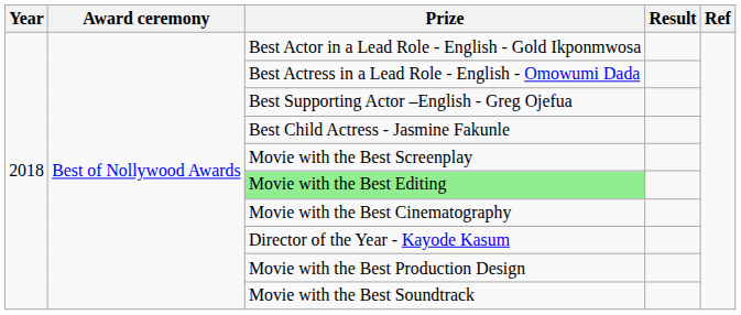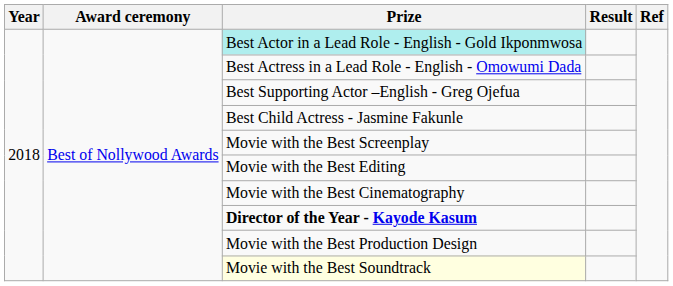 <table class="wikitable">
 <tr>
 <th>Year</th>
 <th>Award ceremony</th>
 <th>Prize</th>
 <th>Result</th>
 <th>Ref</th>
 </tr>
 <tr>
 <td rowspan="10">2018</td>
 <td rowspan="10"><a href='#'>Best of Nollywood Awards</a></td>
-<td>Best Actor in a Lead Role - English - Gold Ikponmwosa</td>
+<td style="background: paleturquoise;">Best Actor in a Lead Role - English - Gold Ikponmwosa</td>
 <td></td>
 <td rowspan="10"></td>
 </tr>
 <tr>
 <td>Best Actress in a Lead Role - English - <a href='#'>Omowumi Dada</a></td>
 <td></td>
 </tr>
 <tr>
 <td>Best Supporting Actor –English - Greg Ojefua</td>
 <td></td>
 </tr>
 <tr>
 <td>Best Child Actress - Jasmine Fakunle</td>
 <td></td>
 </tr>
 <tr>
 <td>Movie with the Best Screenplay</td>
 <td></td>
 </tr>
 <tr>
-<td style="background: lightgreen;">Movie with the Best Editing</td>
+<td>Movie with the Best Editing</td>
 <td></td>
 </tr>
 <tr>
 <td>Movie with the Best Cinematography</td>
 <td></td>
 </tr>
 <tr>
-<td>Director of the Year - <a href='#'>Kayode Kasum</a></td>
+<td><strong>Director of the Year - <a href='#'>Kayode Kasum</a></strong></td>
 <td></td>
 </tr>
 <tr>
 <td>Movie with the Best Production Design</td>
 <td></td>
 </tr>
 <tr>
-<td>Movie with the Best Soundtrack</td>
+<td style="background: lightyellow;">Movie with the Best Soundtrack</td>
 <td></td>
 </tr>
 </table>
